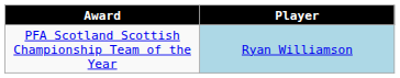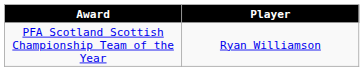 <table class="wikitable" style="text-align:center">
 <tr>
 <th style="background:#000000; color:#FFFFFF;">Award</th>
 <th style="background:#000000; color:#FFFFFF;">Player</th>
 </tr>
 <tr>
 <td style="width:200px;"><a href='#'>PFA Scotland Scottish Championship Team of the Year</a></td>
-<td style="background: lightblue; width:200px;"> <a href='#'>Ryan Williamson</a></td>
+<td style="width:200px;"> <a href='#'>Ryan Williamson</a></td>
 </tr>
 </table>
